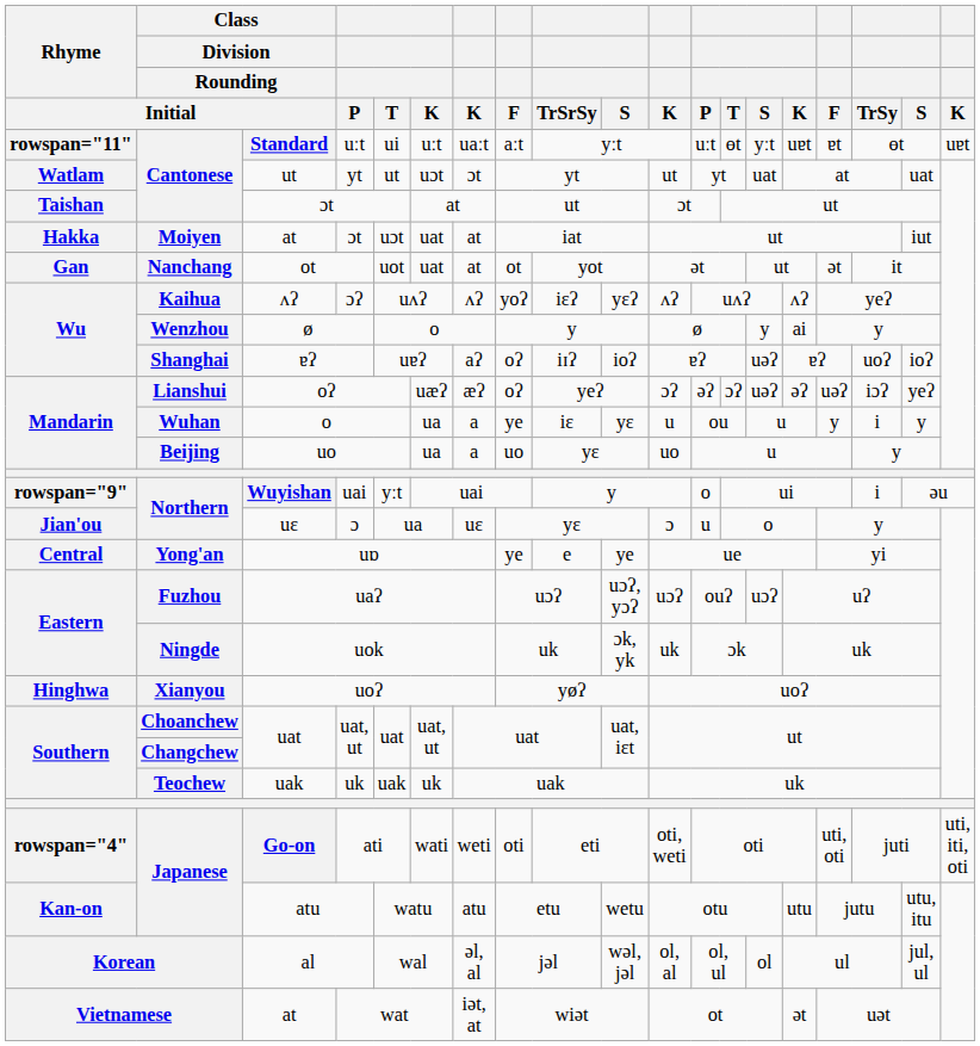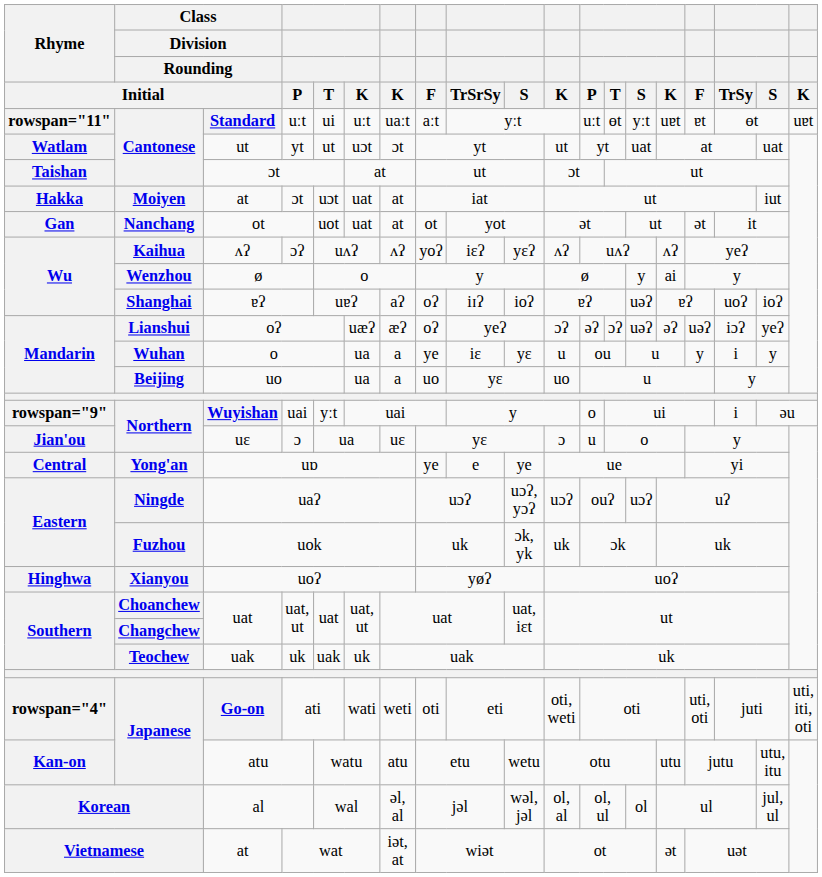 <table class="wikitable" style="text-align: center;">
 <tr>
 <th rowspan="3">Rhyme</th>
 <th colspan="2">Class</th>
 <th colspan="3"></th>
 <th></th>
 <th></th>
 <th colspan="2"></th>
 <th></th>
 <th colspan="4"></th>
 <th></th>
 <th colspan="2"></th>
 <th></th>
 </tr>
 <tr>
 <th colspan="2">Division</th>
 <th colspan="3"></th>
 <th></th>
 <th></th>
 <th colspan="2"></th>
 <th></th>
 <th colspan="4"></th>
 <th></th>
 <th colspan="2"></th>
 <th></th>
 </tr>
 <tr>
 <th colspan="2">Rounding</th>
 <th colspan="3"></th>
 <th></th>
 <th></th>
 <th colspan="2"></th>
 <th></th>
 <th colspan="4"></th>
 <th></th>
 <th colspan="2"></th>
 <th></th>
 </tr>
 <tr>
 <th colspan="3">Initial</th>
 <th>P</th>
 <th>T</th>
 <th>K</th>
 <th>K</th>
 <th>F</th>
 <th>TrSrSy</th>
 <th>S</th>
 <th>K</th>
 <th>P</th>
 <th>T</th>
 <th>S</th>
 <th>K</th>
 <th>F</th>
 <th>TrSy</th>
 <th>S</th>
 <th>K</th>
 </tr>
 <tr>
 <th>rowspan="11" </th>
 <th rowspan="3"><a href='#'>Cantonese</a></th>
 <th><a href='#'>Standard</a></th>
 <td>uːt</td>
 <td>ui</td>
 <td>uːt</td>
 <td>uaːt</td>
 <td>aːt</td>
 <td colspan="3">yːt</td>
 <td>uːt</td>
 <td>ɵt</td>
 <td>yːt</td>
 <td>uɐt</td>
 <td>ɐt</td>
 <td colspan="2">ɵt</td>
 <td>uɐt</td>
 </tr>
 <tr>
 <th><a href='#'>Watlam</a></th>
 <td>ut</td>
 <td>yt</td>
 <td>ut</td>
 <td>uɔt</td>
 <td>ɔt</td>
 <td colspan="3">yt</td>
 <td>ut</td>
 <td colspan="2">yt</td>
 <td>uat</td>
 <td colspan="3">at</td>
 <td>uat</td>
 </tr>
 <tr>
 <th><a href='#'>Taishan</a></th>
 <td colspan="3">ɔt</td>
 <td colspan="2">at</td>
 <td colspan="3">ut</td>
 <td colspan="2">ɔt</td>
 <td colspan="6">ut</td>
 </tr>
 <tr>
 <th><a href='#'>Hakka</a></th>
 <th><a href='#'>Moiyen</a></th>
 <td>at</td>
 <td>ɔt</td>
 <td>uɔt</td>
 <td>uat</td>
 <td>at</td>
 <td colspan="3">iat</td>
 <td colspan="7">ut</td>
 <td>iut</td>
 </tr>
 <tr>
 <th><a href='#'>Gan</a></th>
 <th><a href='#'>Nanchang</a></th>
 <td colspan="2">ot</td>
 <td>uot</td>
 <td>uat</td>
 <td>at</td>
 <td>ot</td>
 <td colspan="2">yot</td>
 <td colspan="3">ət</td>
 <td colspan="2">ut</td>
 <td>ət</td>
 <td colspan="2">it</td>
 </tr>
 <tr>
 <th rowspan="3"><a href='#'>Wu</a></th>
 <th><a href='#'>Kaihua</a></th>
 <td>ʌʔ</td>
 <td>ɔʔ</td>
 <td colspan="2">uʌʔ</td>
 <td>ʌʔ</td>
 <td>yoʔ</td>
 <td>iɛʔ</td>
 <td>yɛʔ</td>
 <td>ʌʔ</td>
 <td colspan="3">uʌʔ</td>
 <td>ʌʔ</td>
 <td colspan="3">yeʔ</td>
 </tr>
 <tr>
 <th><a href='#'>Wenzhou</a></th>
 <td colspan="2">ø</td>
 <td colspan="3">o</td>
 <td colspan="3">y</td>
 <td colspan="3">ø</td>
 <td>y</td>
 <td>ai</td>
 <td colspan="3">y</td>
 </tr>
 <tr>
 <th><a href='#'>Shanghai</a></th>
 <td colspan="2">ɐʔ</td>
 <td colspan="2">uɐʔ</td>
 <td>aʔ</td>
 <td>oʔ</td>
 <td>iɪʔ</td>
 <td>ioʔ</td>
 <td colspan="3">ɐʔ</td>
 <td>uəʔ</td>
 <td colspan="2">ɐʔ</td>
 <td>uoʔ</td>
 <td>ioʔ</td>
 </tr>
 <tr>
 <th rowspan="3"><a href='#'>Mandarin</a></th>
 <th><a href='#'>Lianshui</a></th>
 <td colspan="3">oʔ</td>
 <td>uæʔ</td>
 <td>æʔ</td>
 <td>oʔ</td>
 <td colspan="2">yeʔ</td>
 <td>ɔʔ</td>
 <td>əʔ</td>
 <td>ɔʔ</td>
 <td>uəʔ</td>
 <td>əʔ</td>
 <td>uəʔ</td>
 <td>iɔʔ</td>
 <td>yeʔ</td>
 </tr>
 <tr>
 <th><a href='#'>Wuhan</a></th>
 <td colspan="3">o</td>
 <td>ua</td>
 <td>a</td>
 <td>ye</td>
 <td>iɛ</td>
 <td>yɛ</td>
 <td>u</td>
 <td colspan="2">ou</td>
 <td colspan="2">u</td>
 <td>y</td>
 <td>i</td>
 <td>y</td>
 </tr>
 <tr>
 <th><a href='#'>Beijing</a></th>
 <td colspan="3">uo</td>
 <td>ua</td>
 <td>a</td>
 <td>uo</td>
 <td colspan="2">yɛ</td>
 <td>uo</td>
 <td colspan="5">u</td>
 <td colspan="2">y</td>
 </tr>
 <tr>
 <th colspan="19"></th>
 </tr>
 <tr>
 <th>rowspan="9" </th>
 <th rowspan="2"><a href='#'>Northern</a></th>
 <th><a href='#'>Wuyishan</a></th>
 <td>uai</td>
 <td>yːt</td>
 <td colspan="3">uai</td>
 <td colspan="3">y</td>
 <td>o</td>
 <td colspan="4">ui</td>
 <td>i</td>
 <td colspan="2">əu</td>
 </tr>
 <tr>
 <th><a href='#'>Jian'ou</a></th>
 <td>uɛ</td>
 <td>ɔ</td>
 <td colspan="2">ua</td>
 <td>uɛ</td>
 <td colspan="3">yɛ</td>
 <td>ɔ</td>
 <td>u</td>
 <td colspan="3">o</td>
 <td colspan="3">y</td>
 </tr>
 <tr>
 <th><a href='#'>Central</a></th>
 <th><a href='#'>Yong'an</a></th>
 <td colspan="5">uɒ</td>
 <td>ye</td>
 <td>e</td>
 <td>ye</td>
 <td colspan="5">ue</td>
 <td colspan="3">yi</td>
 </tr>
 <tr>
 <th rowspan="2"><a href='#'>Eastern</a></th>
-<th><a href='#'>Fuzhou</a></th>
+<th><a href='#'>Ningde</a></th>
 <td colspan="5">uaʔ</td>
 <td colspan="2">uɔʔ</td>
 <td>uɔʔ,<br>yɔʔ</td>
 <td>uɔʔ</td>
 <td colspan="2">ouʔ</td>
 <td>uɔʔ</td>
 <td colspan="4">uʔ</td>
 </tr>
 <tr>
-<th><a href='#'>Ningde</a></th>
+<th><a href='#'>Fuzhou</a></th>
 <td colspan="5">uok</td>
 <td colspan="2">uk</td>
 <td>ɔk,<br>yk</td>
 <td>uk</td>
 <td colspan="3">ɔk</td>
 <td colspan="4">uk</td>
 </tr>
 <tr>
 <th><a href='#'>Hinghwa</a></th>
 <th><a href='#'>Xianyou</a></th>
 <td colspan="5">uoʔ</td>
 <td colspan="3">yøʔ</td>
 <td colspan="8">uoʔ</td>
 </tr>
 <tr>
 <th rowspan="3"><a href='#'>Southern</a></th>
 <th><a href='#'>Choanchew</a></th>
 <td rowspan="2">uat</td>
 <td rowspan="2">uat,<br>ut</td>
 <td rowspan="2">uat</td>
 <td rowspan="2">uat,<br>ut</td>
 <td colspan="3" rowspan="2">uat</td>
 <td rowspan="2">uat,<br>iɛt</td>
 <td colspan="8" rowspan="2">ut</td>
 </tr>
 <tr>
 <th><a href='#'>Changchew</a></th>
 </tr>
 <tr>
 <th><a href='#'>Teochew</a></th>
 <td>uak</td>
 <td>uk</td>
 <td>uak</td>
 <td>uk</td>
 <td colspan="4">uak</td>
 <td colspan="8">uk</td>
 </tr>
 <tr>
 <th colspan="19"></th>
 </tr>
 <tr>
 <th>rowspan="4" </th>
 <th rowspan="2"><a href='#'>Japanese</a></th>
 <th><a href='#'>Go-on</a></th>
 <td colspan="2">ati</td>
 <td>wati</td>
 <td>weti</td>
 <td>oti</td>
 <td colspan="2">eti</td>
 <td>oti,<br>weti</td>
 <td colspan="4">oti</td>
 <td>uti,<br>oti</td>
 <td colspan="2">juti</td>
 <td>uti,<br>iti,<br>oti</td>
 </tr>
 <tr>
 <th><a href='#'>Kan-on</a></th>
 <td colspan="2">atu</td>
 <td colspan="2">watu</td>
 <td>atu</td>
 <td colspan="2">etu</td>
 <td>wetu</td>
 <td colspan="4">otu</td>
 <td>utu</td>
 <td colspan="2">jutu</td>
 <td>utu,<br>itu</td>
 </tr>
 <tr>
 <th colspan="2"><a href='#'>Korean</a></th>
 <td colspan="2">al</td>
 <td colspan="2">wal</td>
 <td>əl,<br>al</td>
 <td colspan="2">jəl</td>
 <td>wəl,<br>jəl</td>
 <td>ol,<br>al</td>
 <td colspan="2">ol,<br>ul</td>
 <td>ol</td>
 <td colspan="3">ul</td>
 <td>jul,<br>ul</td>
 </tr>
 <tr>
 <th colspan="2"><a href='#'>Vietnamese</a></th>
 <td>at</td>
 <td colspan="3">wat</td>
 <td>iət,<br>at</td>
 <td colspan="3">wiət</td>
 <td colspan="4">ot</td>
 <td>ət</td>
 <td colspan="3">uət</td>
 </tr>
 </table>
